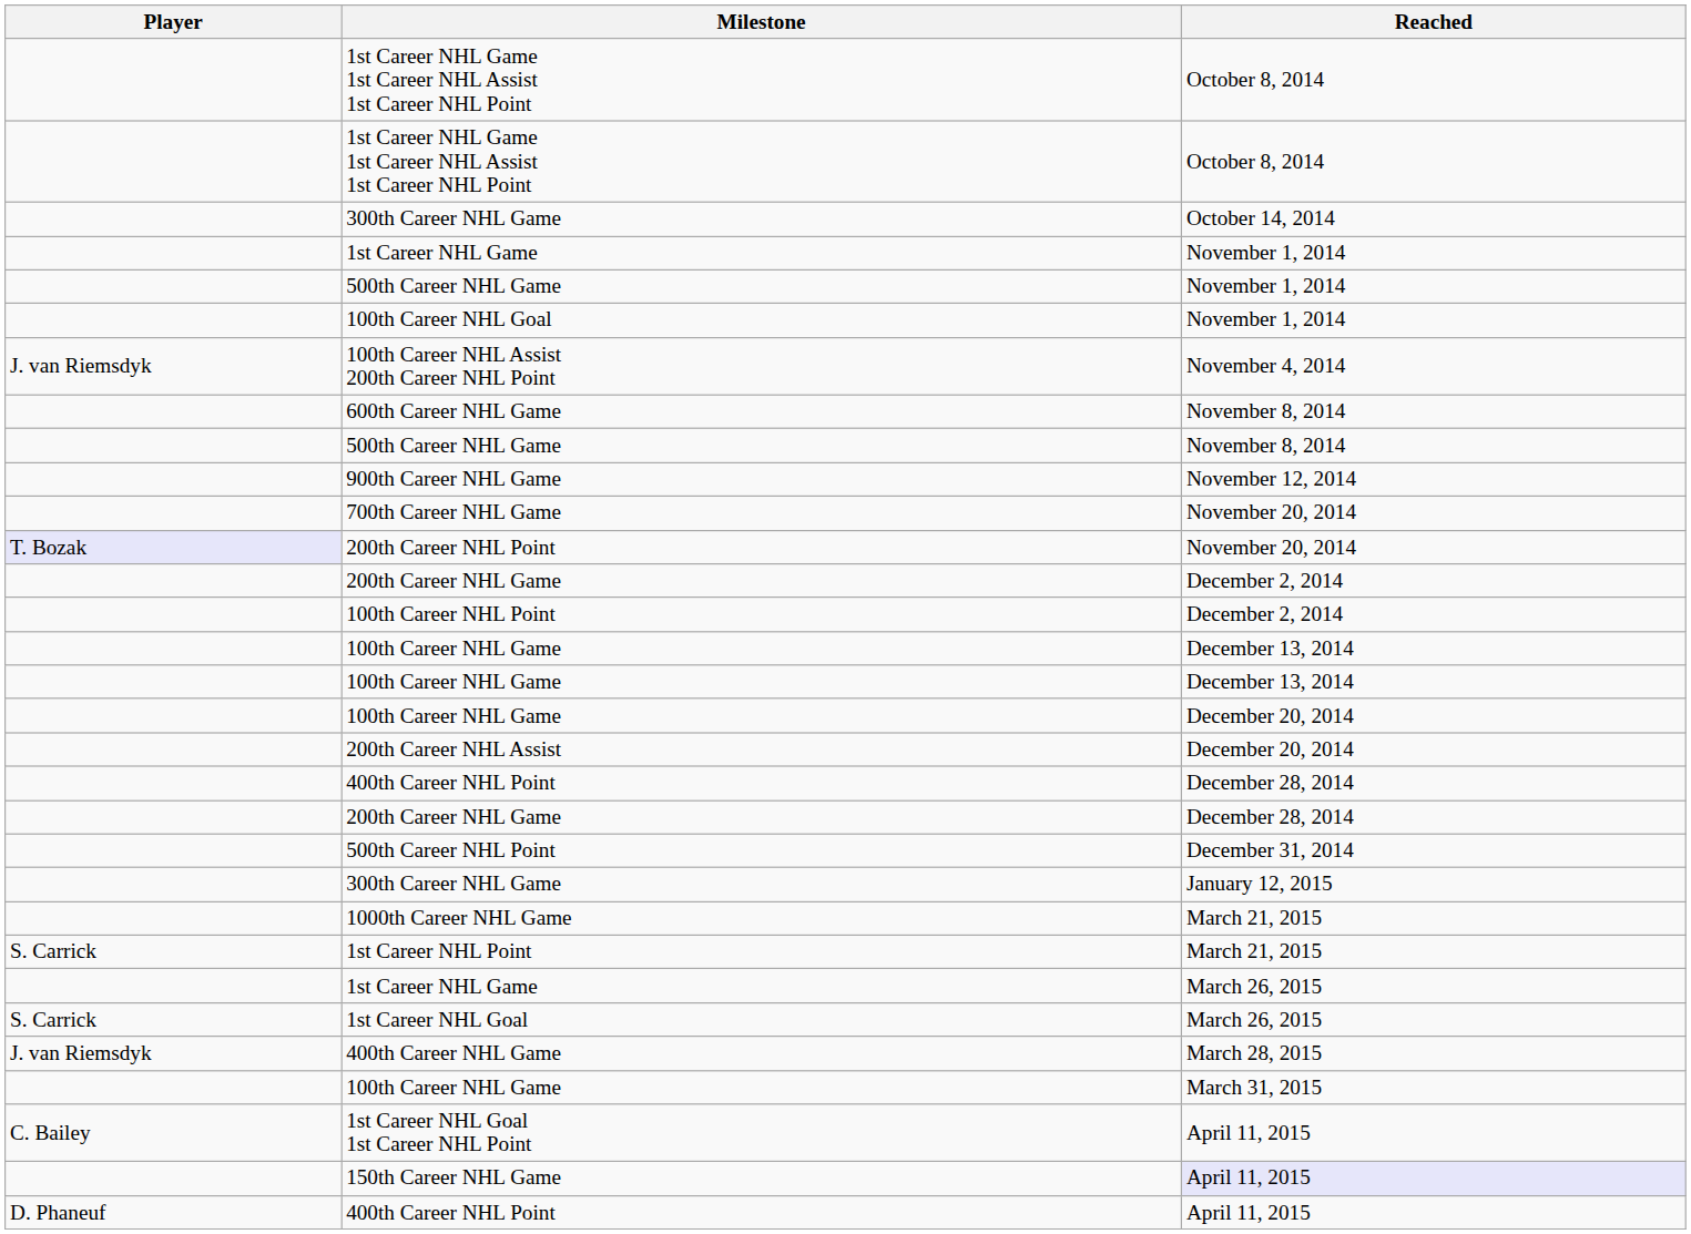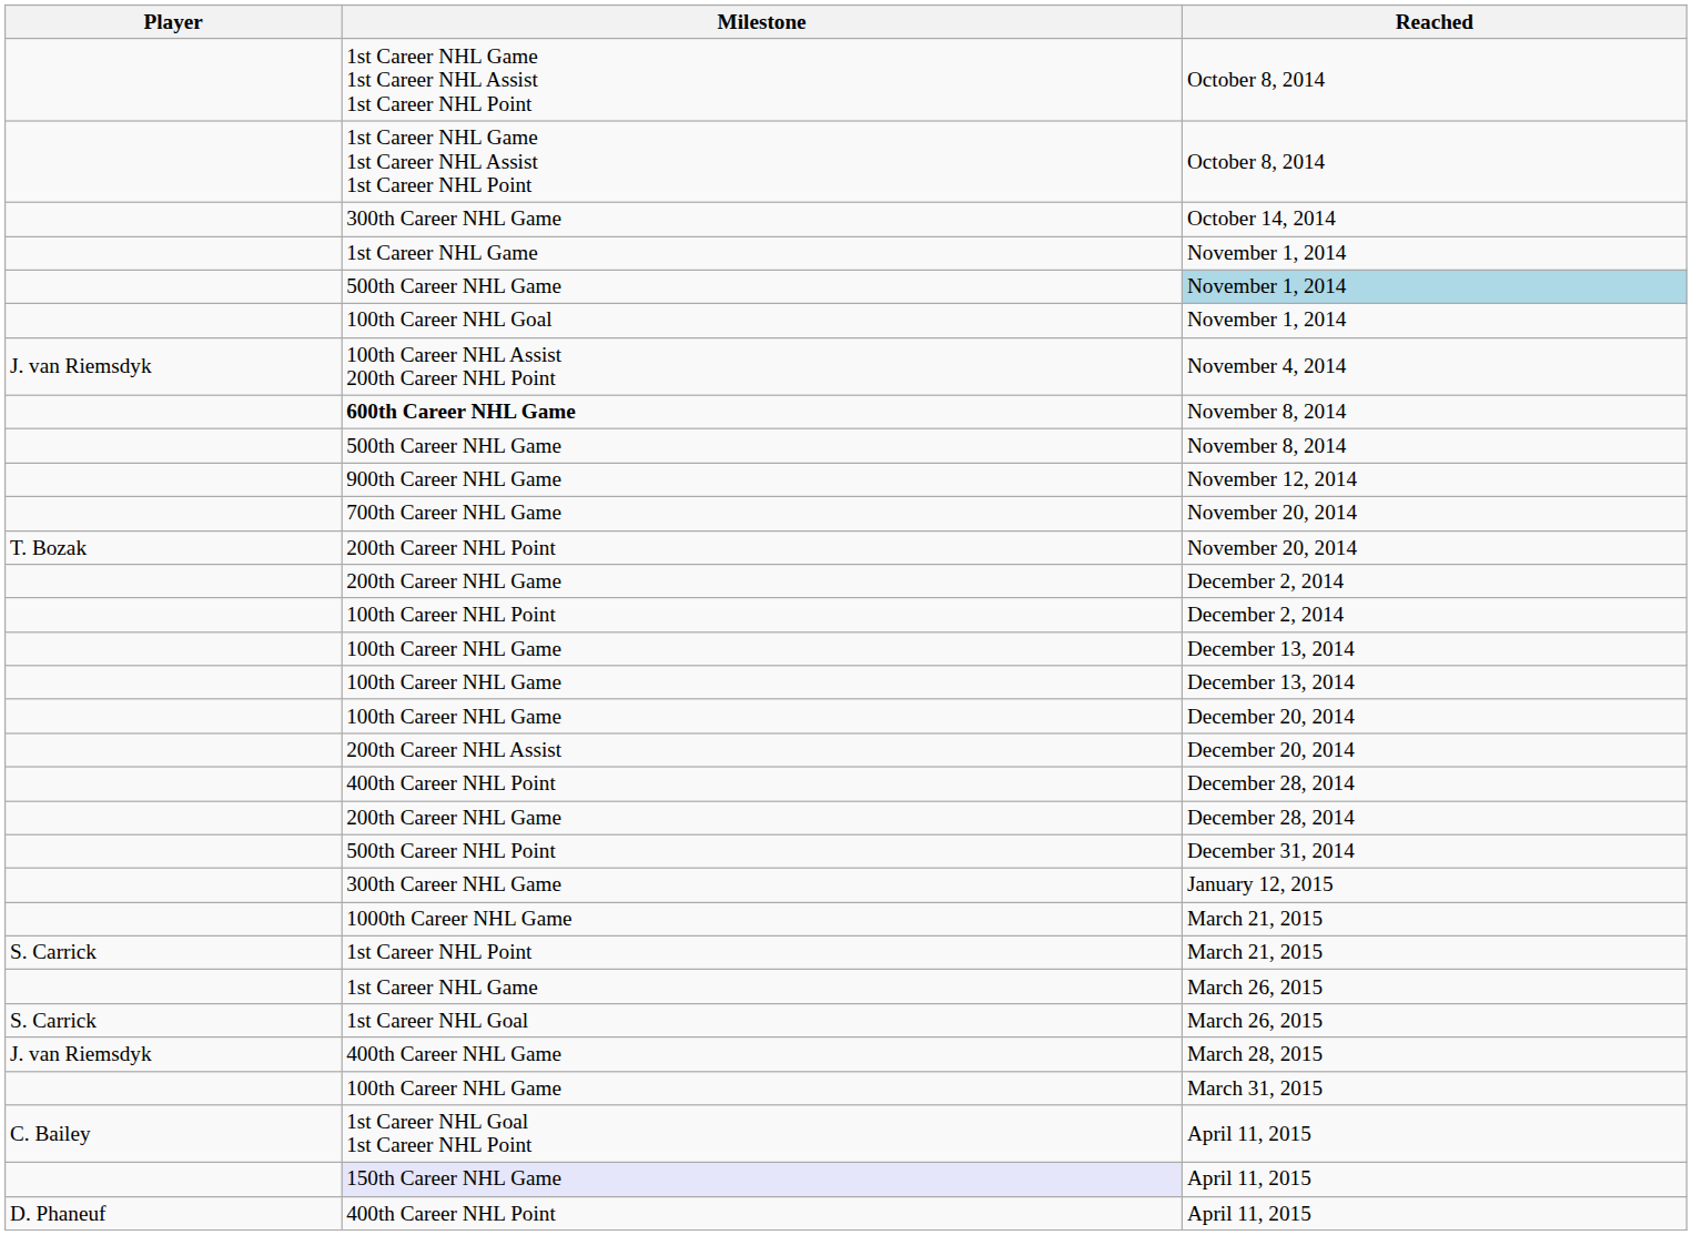 <table class="wikitable sortable" style="width:100%;">
 <tr align=center>
 <th style="width:20%;">Player</th>
 <th style="width:50%;">Milestone</th>
 <th style="width:30%;" data-sort-type="date">Reached</th>
 </tr>
 <tr>
 <td></td>
 <td>1st Career NHL Game<br>1st Career NHL Assist<br>1st Career NHL Point</td>
 <td>October 8, 2014</td>
 </tr>
 <tr>
 <td></td>
 <td>1st Career NHL Game<br>1st Career NHL Assist<br>1st Career NHL Point</td>
 <td>October 8, 2014</td>
 </tr>
 <tr>
 <td></td>
 <td>300th Career NHL Game</td>
 <td>October 14, 2014</td>
 </tr>
 <tr>
 <td></td>
 <td>1st Career NHL Game</td>
 <td>November 1, 2014</td>
 </tr>
 <tr>
 <td></td>
 <td>500th Career NHL Game</td>
-<td>November 1, 2014</td>
+<td style="background: lightblue;">November 1, 2014</td>
 </tr>
 <tr>
 <td></td>
 <td>100th Career NHL Goal</td>
 <td>November 1, 2014</td>
 </tr>
 <tr>
 <td>J. van Riemsdyk</td>
 <td>100th Career NHL Assist<br>200th Career NHL Point</td>
 <td>November 4, 2014</td>
 </tr>
 <tr>
 <td></td>
-<td>600th Career NHL Game</td>
+<td><strong>600th Career NHL Game</strong></td>
 <td>November 8, 2014</td>
 </tr>
 <tr>
 <td></td>
 <td>500th Career NHL Game</td>
 <td>November 8, 2014</td>
 </tr>
 <tr>
 <td></td>
 <td>900th Career NHL Game</td>
 <td>November 12, 2014</td>
 </tr>
 <tr>
 <td></td>
 <td>700th Career NHL Game</td>
 <td>November 20, 2014</td>
 </tr>
 <tr>
-<td style="background: lavender;">T. Bozak</td>
+<td>T. Bozak</td>
 <td>200th Career NHL Point</td>
 <td>November 20, 2014</td>
 </tr>
 <tr>
 <td></td>
 <td>200th Career NHL Game</td>
 <td>December 2, 2014</td>
 </tr>
 <tr>
 <td></td>
 <td>100th Career NHL Point</td>
 <td>December 2, 2014</td>
 </tr>
 <tr>
 <td></td>
 <td>100th Career NHL Game</td>
 <td>December 13, 2014</td>
 </tr>
 <tr>
 <td></td>
 <td>100th Career NHL Game</td>
 <td>December 13, 2014</td>
 </tr>
 <tr>
 <td></td>
 <td>100th Career NHL Game</td>
 <td>December 20, 2014</td>
 </tr>
 <tr>
 <td></td>
 <td>200th Career NHL Assist</td>
 <td>December 20, 2014</td>
 </tr>
 <tr>
 <td></td>
 <td>400th Career NHL Point</td>
 <td>December 28, 2014</td>
 </tr>
 <tr>
 <td></td>
 <td>200th Career NHL Game</td>
 <td>December 28, 2014</td>
 </tr>
 <tr>
 <td></td>
 <td>500th Career NHL Point</td>
 <td>December 31, 2014</td>
 </tr>
 <tr>
 <td></td>
 <td>300th Career NHL Game</td>
 <td>January 12, 2015</td>
 </tr>
 <tr>
 <td></td>
 <td>1000th Career NHL Game</td>
 <td>March 21, 2015</td>
 </tr>
 <tr>
 <td>S. Carrick</td>
 <td>1st Career NHL Point</td>
 <td>March 21, 2015</td>
 </tr>
 <tr>
 <td></td>
 <td>1st Career NHL Game</td>
 <td>March 26, 2015</td>
 </tr>
 <tr>
 <td>S. Carrick</td>
 <td>1st Career NHL Goal</td>
 <td>March 26, 2015</td>
 </tr>
 <tr>
 <td>J. van Riemsdyk</td>
 <td>400th Career NHL Game</td>
 <td>March 28, 2015</td>
 </tr>
 <tr>
 <td></td>
 <td>100th Career NHL Game</td>
 <td>March 31, 2015</td>
 </tr>
 <tr>
 <td>C. Bailey</td>
 <td>1st Career NHL Goal<br>1st Career NHL Point</td>
 <td>April 11, 2015</td>
 </tr>
 <tr>
 <td></td>
-<td>150th Career NHL Game</td>
-<td style="background: lavender;">April 11, 2015</td>
+<td style="background: lavender;">150th Career NHL Game</td>
+<td>April 11, 2015</td>
 </tr>
 <tr>
 <td>D. Phaneuf</td>
 <td>400th Career NHL Point</td>
 <td>April 11, 2015</td>
 </tr>
 </table>
